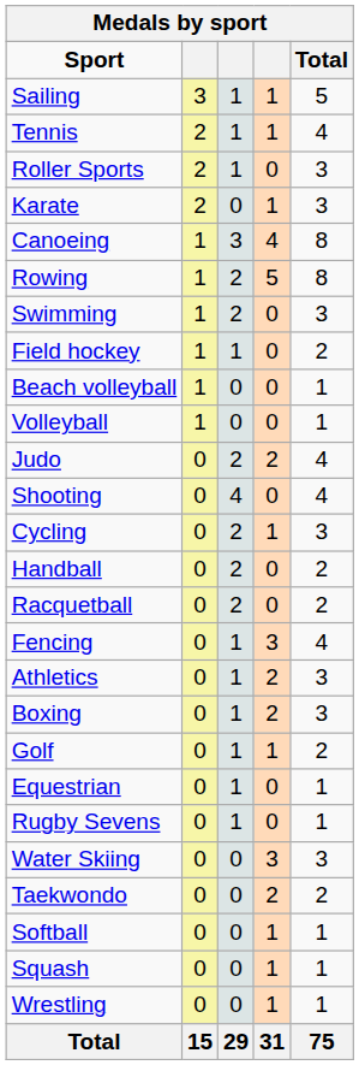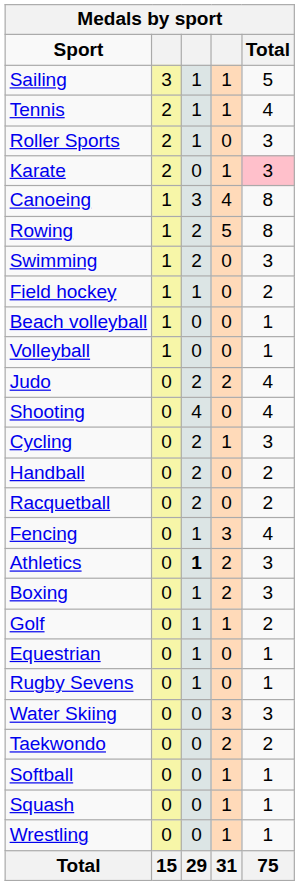 <table class="wikitable" border="1"  style="float:right">
 <tr>
 <th colspan=5>Medals by sport</th>
 </tr>
 <tr align=center>
 <td><strong>Sport</strong></td>
 <th bgcolor=#f7f6a8></th>
 <th bgcolor=#dce5e5></th>
 <th bgcolor=#ffdab9></th>
 <th>Total</th>
 </tr>
 <tr align=center>
 <td align=left><a href='#'>Sailing</a></td>
 <td bgcolor=#f7f6a8>3</td>
 <td bgcolor=#dce5e5>1</td>
 <td bgcolor=#ffdab9>1</td>
 <td>5</td>
 </tr>
 <tr align=center>
 <td align=left><a href='#'>Tennis</a></td>
 <td bgcolor=#f7f6a8>2</td>
 <td bgcolor=#dce5e5>1</td>
 <td bgcolor=#ffdab9>1</td>
 <td>4</td>
 </tr>
 <tr align=center>
 <td align=left><a href='#'>Roller Sports</a></td>
 <td bgcolor=#f7f6a8>2</td>
 <td bgcolor=#dce5e5>1</td>
 <td bgcolor=#ffdab9>0</td>
 <td>3</td>
 </tr>
 <tr align=center>
 <td align=left><a href='#'>Karate</a></td>
 <td bgcolor=#f7f6a8>2</td>
 <td bgcolor=#dce5e5>0</td>
 <td bgcolor=#ffdab9>1</td>
-<td>3</td>
+<td style="background: pink;">3</td>
 </tr>
 <tr align=center>
 <td align=left><a href='#'>Canoeing</a></td>
 <td bgcolor=#f7f6a8>1</td>
 <td bgcolor=#dce5e5>3</td>
 <td bgcolor=#ffdab9>4</td>
 <td>8</td>
 </tr>
 <tr align=center>
 <td align=left><a href='#'>Rowing</a></td>
 <td bgcolor=#f7f6a8>1</td>
 <td bgcolor=#dce5e5>2</td>
 <td bgcolor=#ffdab9>5</td>
 <td>8</td>
 </tr>
 <tr align=center>
 <td align=left><a href='#'>Swimming</a></td>
 <td bgcolor=#f7f6a8>1</td>
 <td bgcolor=#dce5e5>2</td>
 <td bgcolor=#ffdab9>0</td>
 <td>3</td>
 </tr>
 <tr align=center>
 <td align=left><a href='#'>Field hockey</a></td>
 <td bgcolor=#f7f6a8>1</td>
 <td bgcolor=#dce5e5>1</td>
 <td bgcolor=#ffdab9>0</td>
 <td>2</td>
 </tr>
 <tr align=center>
 <td align=left><a href='#'>Beach volleyball</a></td>
 <td bgcolor=#f7f6a8>1</td>
 <td bgcolor=#dce5e5>0</td>
 <td bgcolor=#ffdab9>0</td>
 <td>1</td>
 </tr>
 <tr align=center>
 <td align=left><a href='#'>Volleyball</a></td>
 <td bgcolor=#f7f6a8>1</td>
 <td bgcolor=#dce5e5>0</td>
 <td bgcolor=#ffdab9>0</td>
 <td>1</td>
 </tr>
 <tr align=center>
 <td align=left><a href='#'>Judo</a></td>
 <td bgcolor=#f7f6a8>0</td>
 <td bgcolor=#dce5e5>2</td>
 <td bgcolor=#ffdab9>2</td>
 <td>4</td>
 </tr>
 <tr align=center>
 <td align=left><a href='#'>Shooting</a></td>
 <td bgcolor=#f7f6a8>0</td>
 <td bgcolor=#dce5e5>4</td>
 <td bgcolor=#ffdab9>0</td>
 <td>4</td>
 </tr>
 <tr align=center>
 <td align=left><a href='#'>Cycling</a></td>
 <td bgcolor=#f7f6a8>0</td>
 <td bgcolor=#dce5e5>2</td>
 <td bgcolor=#ffdab9>1</td>
 <td>3</td>
 </tr>
 <tr align=center>
 <td align=left><a href='#'>Handball</a></td>
 <td bgcolor=#f7f6a8>0</td>
 <td bgcolor=#dce5e5>2</td>
 <td bgcolor=#ffdab9>0</td>
 <td>2</td>
 </tr>
 <tr align=center>
 <td align=left><a href='#'>Racquetball</a></td>
 <td bgcolor=#f7f6a8>0</td>
 <td bgcolor=#dce5e5>2</td>
 <td bgcolor=#ffdab9>0</td>
 <td>2</td>
 </tr>
 <tr align=center>
 <td align=left><a href='#'>Fencing</a></td>
 <td bgcolor=#f7f6a8>0</td>
 <td bgcolor=#dce5e5>1</td>
 <td bgcolor=#ffdab9>3</td>
 <td>4</td>
 </tr>
 <tr align=center>
 <td align=left><a href='#'>Athletics</a></td>
 <td bgcolor=#f7f6a8>0</td>
-<td bgcolor=#dce5e5>1</td>
+<td bgcolor=#dce5e5><strong>1</strong></td>
 <td bgcolor=#ffdab9>2</td>
 <td>3</td>
 </tr>
 <tr align=center>
 <td align=left><a href='#'>Boxing</a></td>
 <td bgcolor=#f7f6a8>0</td>
 <td bgcolor=#dce5e5>1</td>
 <td bgcolor=#ffdab9>2</td>
 <td>3</td>
 </tr>
 <tr align=center>
 <td align=left><a href='#'>Golf</a></td>
 <td bgcolor=#f7f6a8>0</td>
 <td bgcolor=#dce5e5>1</td>
 <td bgcolor=#ffdab9>1</td>
 <td>2</td>
 </tr>
 <tr align=center>
 <td align=left><a href='#'>Equestrian</a></td>
 <td bgcolor=#f7f6a8>0</td>
 <td bgcolor=#dce5e5>1</td>
 <td bgcolor=#ffdab9>0</td>
 <td>1</td>
 </tr>
 <tr align=center>
 <td align=left><a href='#'>Rugby Sevens</a></td>
 <td bgcolor=#f7f6a8>0</td>
 <td bgcolor=#dce5e5>1</td>
 <td bgcolor=#ffdab9>0</td>
 <td>1</td>
 </tr>
 <tr align=center>
 <td align=left><a href='#'>Water Skiing</a></td>
 <td bgcolor=#f7f6a8>0</td>
 <td bgcolor=#dce5e5>0</td>
 <td bgcolor=#ffdab9>3</td>
 <td>3</td>
 </tr>
 <tr align=center>
 <td align=left><a href='#'>Taekwondo</a></td>
 <td bgcolor=#f7f6a8>0</td>
 <td bgcolor=#dce5e5>0</td>
 <td bgcolor=#ffdab9>2</td>
 <td>2</td>
 </tr>
 <tr align=center>
 <td align=left><a href='#'>Softball</a></td>
 <td bgcolor=#f7f6a8>0</td>
 <td bgcolor=#dce5e5>0</td>
 <td bgcolor=#ffdab9>1</td>
 <td>1</td>
 </tr>
 <tr align=center>
 <td align=left><a href='#'>Squash</a></td>
 <td bgcolor=#f7f6a8>0</td>
 <td bgcolor=#dce5e5>0</td>
 <td bgcolor=#ffdab9>1</td>
 <td>1</td>
 </tr>
 <tr align=center>
 <td align=left><a href='#'>Wrestling</a></td>
 <td bgcolor=#f7f6a8>0</td>
 <td bgcolor=#dce5e5>0</td>
 <td bgcolor=#ffdab9>1</td>
 <td>1</td>
 </tr>
 <tr align=center>
 <th bgcolor=#efefef>Total</th>
 <th bgcolor=#f7f6a8>15</th>
 <th bgcolor=#dce5e5>29</th>
 <th bgcolor=#ffdab9>31</th>
 <th>75</th>
 </tr>
 </table>
